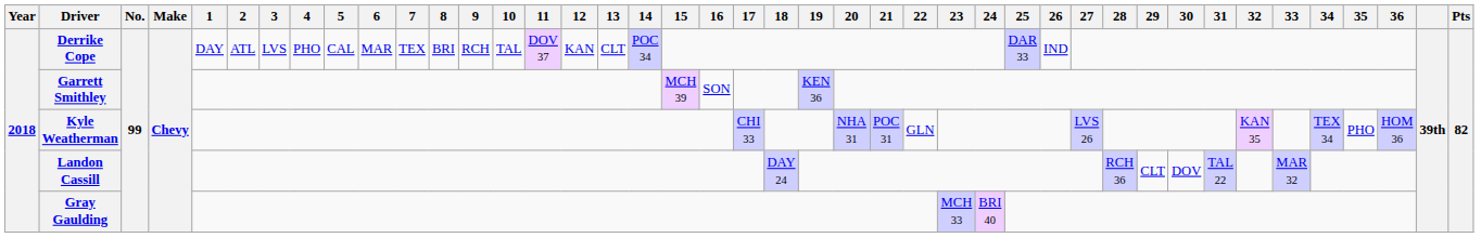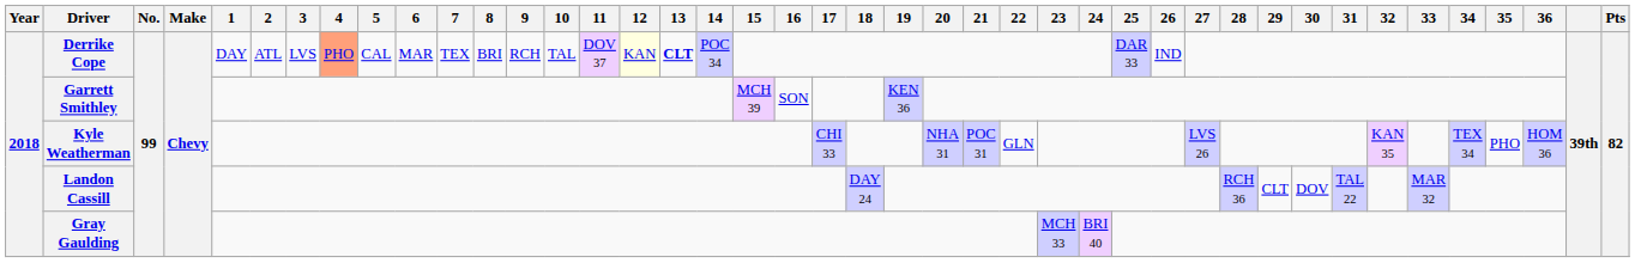 <table class="wikitable" style="text-align:center; font-size:75%">
 <tr>
 <th>Year</th>
 <th>Driver</th>
 <th>No.</th>
 <th>Make</th>
 <th>1</th>
 <th>2</th>
 <th>3</th>
 <th>4</th>
 <th>5</th>
 <th>6</th>
 <th>7</th>
 <th>8</th>
 <th>9</th>
 <th>10</th>
 <th>11</th>
 <th>12</th>
 <th>13</th>
 <th>14</th>
 <th>15</th>
 <th>16</th>
 <th>17</th>
 <th>18</th>
 <th>19</th>
 <th>20</th>
 <th>21</th>
 <th>22</th>
 <th>23</th>
 <th>24</th>
 <th>25</th>
 <th>26</th>
 <th>27</th>
 <th>28</th>
 <th>29</th>
 <th>30</th>
 <th>31</th>
 <th>32</th>
 <th>33</th>
 <th>34</th>
 <th>35</th>
 <th>36</th>
 <th></th>
 <th>Pts</th>
 </tr>
 <tr>
 <th rowspan="5"><a href='#'>2018</a></th>
 <th><a href='#'>Derrike Cope</a></th>
 <th rowspan="5">99</th>
 <th rowspan="5"><a href='#'>Chevy</a></th>
 <td><a href='#'>DAY</a></td>
 <td><a href='#'>ATL</a></td>
 <td><a href='#'>LVS</a></td>
-<td><a href='#'>PHO</a></td>
+<td style="background: lightsalmon;"><a href='#'>PHO</a></td>
 <td><a href='#'>CAL</a></td>
 <td><a href='#'>MAR</a></td>
 <td><a href='#'>TEX</a></td>
 <td><a href='#'>BRI</a></td>
 <td><a href='#'>RCH</a></td>
 <td><a href='#'>TAL</a></td>
 <td style="background:#EFCFFF;"><a href='#'>DOV</a><br><small>37</small></td>
-<td><a href='#'>KAN</a></td>
-<td><a href='#'>CLT</a></td>
+<td style="background: lightyellow;"><a href='#'>KAN</a></td>
+<td><strong><a href='#'>CLT</a></strong></td>
 <td style="background:#CFCFFF;"><a href='#'>POC</a><br><small>34</small></td>
 <td colspan=10></td>
 <td style="background:#CFCFFF;"><a href='#'>DAR</a><br><small>33</small></td>
 <td><a href='#'>IND</a></td>
 <td colspan=10></td>
 <th rowspan="5">39th</th>
 <th rowspan="5">82</th>
 </tr>
 <tr>
 <th><a href='#'>Garrett Smithley</a></th>
 <td colspan=14></td>
 <td style="background:#EFCFFF;"><a href='#'>MCH</a><br><small>39</small></td>
 <td><a href='#'>SON</a></td>
 <td colspan=2></td>
 <td style="background:#CFCFFF;"><a href='#'>KEN</a><br><small>36</small></td>
 <td colspan=17></td>
 </tr>
 <tr>
 <th><a href='#'>Kyle Weatherman</a></th>
 <td colspan=16></td>
 <td style="background:#CFCFFF;"><a href='#'>CHI</a><br><small>33</small></td>
 <td colspan=2></td>
 <td style="background:#CFCFFF;"><a href='#'>NHA</a><br><small>31</small></td>
 <td style="background:#CFCFFF;"><a href='#'>POC</a><br><small>31</small></td>
 <td><a href='#'>GLN</a></td>
 <td colspan=4></td>
 <td style="background:#CFCFFF;"><a href='#'>LVS</a><br><small>26</small></td>
 <td colspan=4></td>
 <td style="background:#EFCFFF;"><a href='#'>KAN</a><br><small>35</small></td>
 <td></td>
 <td style="background:#CFCFFF;"><a href='#'>TEX</a><br><small>34</small></td>
 <td><a href='#'>PHO</a></td>
 <td style="background:#CFCFFF;"><a href='#'>HOM</a><br><small>36</small></td>
 </tr>
 <tr>
 <th><a href='#'>Landon Cassill</a></th>
 <td colspan=17></td>
 <td style="background:#CFCFFF;"><a href='#'>DAY</a><br><small>24</small></td>
 <td colspan=9></td>
 <td style="background:#CFCFFF;"><a href='#'>RCH</a><br><small>36</small></td>
 <td><a href='#'>CLT</a></td>
 <td><a href='#'>DOV</a></td>
 <td style="background:#CFCFFF;"><a href='#'>TAL</a><br><small>22</small></td>
 <td></td>
 <td style="background:#CFCFFF;"><a href='#'>MAR</a><br><small>32</small></td>
 <td colspan=3></td>
 </tr>
 <tr>
 <th><a href='#'>Gray Gaulding</a></th>
 <td colspan=22></td>
 <td style="background:#CFCFFF;"><a href='#'>MCH</a><br><small>33</small></td>
 <td style="background:#EFCFFF;"><a href='#'>BRI</a><br><small>40</small></td>
 <td colspan=12></td>
 </tr>
 <tr>
 </tr>
 </table>
